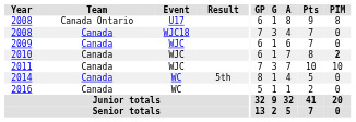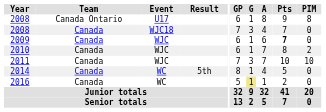 <table border="0" cellpadding="1" cellspacing="0" ID="Table3" style="text-align:center; width:40em">
 <tr ALIGN="centre" bgcolor="#e0e0e0">
 <th>Year</th>
 <th>Team</th>
 <th>Event</th>
 <th>Result</th>
 <th rowspan="99" bgcolor="#ffffff"></th>
 <th>GP</th>
 <th>G</th>
 <th>A</th>
 <th>Pts</th>
 <th>PIM</th>
 </tr>
 <tr>
 <td><a href='#'>2008</a></td>
 <td>Canada Ontario</td>
 <td><a href='#'>U17</a></td>
 <td></td>
 <td>6</td>
 <td>1</td>
 <td>8</td>
 <td>9</td>
 <td>8</td>
 </tr>
 <tr bgcolor="#f0f0f0">
 <td><a href='#'>2008</a></td>
 <td><a href='#'>Canada</a></td>
 <td><a href='#'>WJC18</a></td>
 <td></td>
 <td>7</td>
 <td>3</td>
 <td>4</td>
 <td>7</td>
 <td>0</td>
 </tr>
 <tr>
 <td><a href='#'>2009</a></td>
 <td><a href='#'>Canada</a></td>
 <td><a href='#'>WJC</a></td>
 <td></td>
 <td>6</td>
 <td>1</td>
 <td>6</td>
-<td>7</td>
+<td><strong>7</strong></td>
 <td>0</td>
 </tr>
 <tr bgcolor="#f0f0f0">
 <td><a href='#'>2010</a></td>
 <td>Canada</td>
 <td>WJC</td>
 <td></td>
 <td>6</td>
 <td>1</td>
 <td>7</td>
 <td>8</td>
-<td><strong>2</strong></td>
+<td>2</td>
 </tr>
 <tr>
 <td><a href='#'>2011</a></td>
 <td>Canada</td>
 <td>WJC</td>
 <td></td>
 <td>7</td>
 <td>3</td>
 <td>7</td>
 <td>10</td>
 <td>10</td>
 </tr>
 <tr bgcolor="#f0f0f0">
 <td><a href='#'>2014</a></td>
 <td><a href='#'>Canada</a></td>
 <td><a href='#'>WC</a></td>
 <td>5th</td>
 <td>8</td>
 <td>1</td>
 <td>4</td>
 <td>5</td>
 <td>0</td>
 </tr>
 <tr>
 <td><a href='#'>2016</a></td>
 <td>Canada</td>
 <td>WC</td>
 <td></td>
 <td>5</td>
-<td>1</td>
+<td style="background: khaki;">1</td>
 <td>1</td>
 <td>2</td>
 <td>0</td>
 </tr>
 <tr bgcolor="#e0e0e0">
 <th colspan="4">Junior totals</th>
 <th>32</th>
 <th>9</th>
 <th>32</th>
 <th>41</th>
 <th>20</th>
 </tr>
 <tr bgcolor="#e0e0e0">
 <th colspan="4">Senior totals</th>
 <th>13</th>
 <th>2</th>
 <th>5</th>
 <th>7</th>
 <th>0</th>
 </tr>
 </table>
